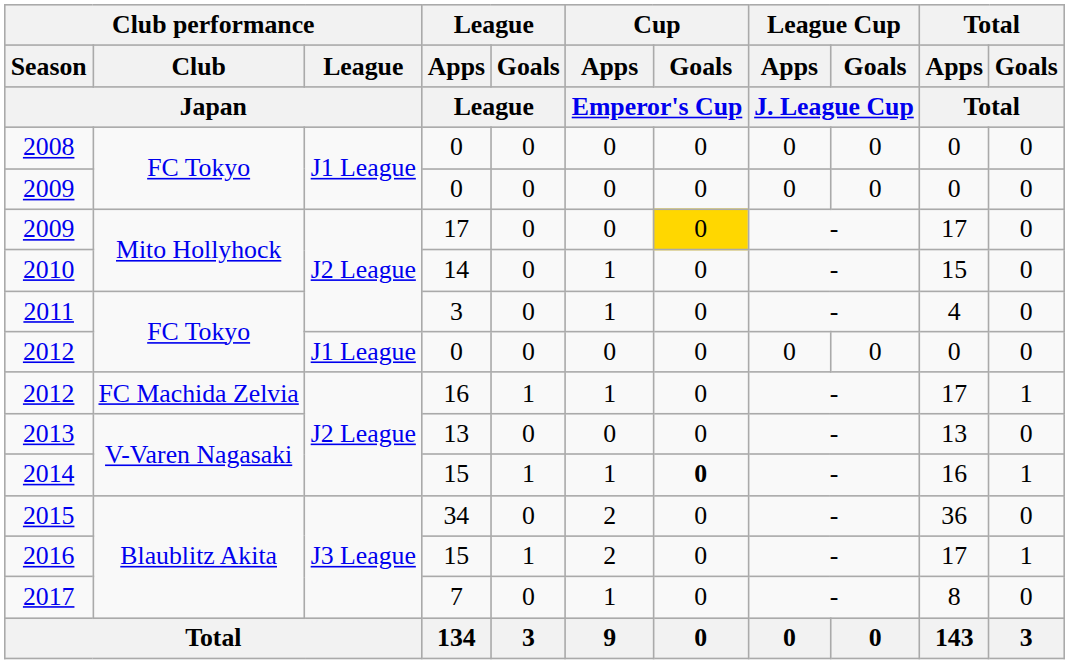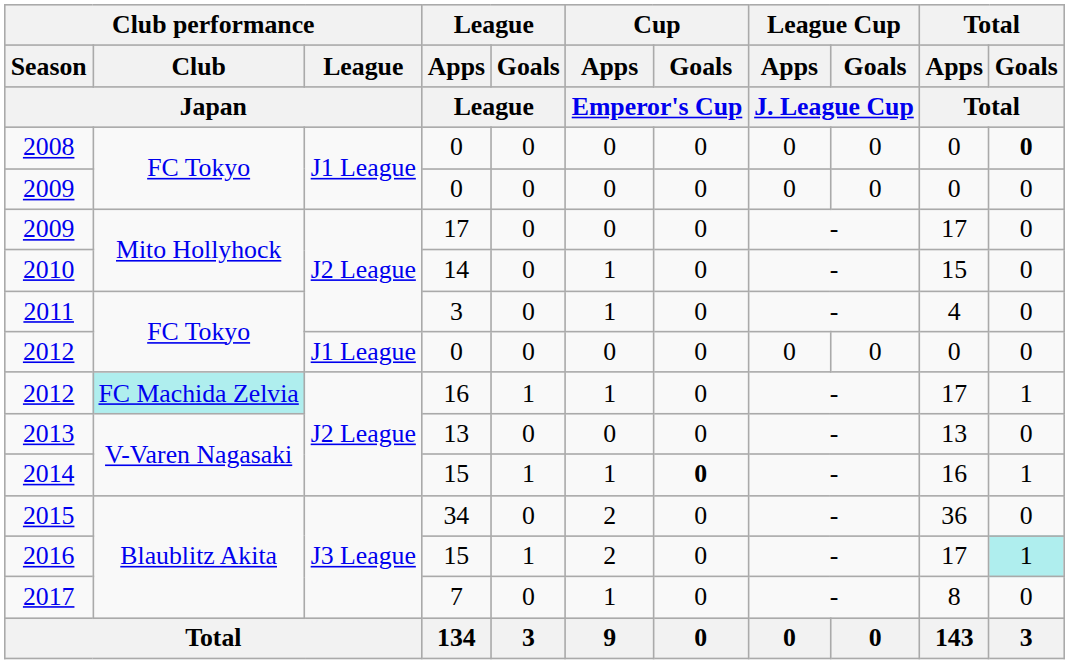 <table class="wikitable" style="text-align:center;">
 <tr>
 <th colspan=3>Club performance</th>
 <th colspan=2>League</th>
 <th colspan=2>Cup</th>
 <th colspan=2>League Cup</th>
 <th colspan=2>Total</th>
 </tr>
 <tr>
 <th>Season</th>
 <th>Club</th>
 <th>League</th>
 <th>Apps</th>
 <th>Goals</th>
 <th>Apps</th>
 <th>Goals</th>
 <th>Apps</th>
 <th>Goals</th>
 <th>Apps</th>
 <th>Goals</th>
 </tr>
 <tr>
 <th colspan=3>Japan</th>
 <th colspan=2>League</th>
 <th colspan=2><a href='#'>Emperor's Cup</a></th>
 <th colspan=2><a href='#'>J. League Cup</a></th>
 <th colspan=2>Total</th>
 </tr>
 <tr>
 <td><a href='#'>2008</a></td>
 <td rowspan="2"><a href='#'>FC Tokyo</a></td>
 <td rowspan="2"><a href='#'>J1 League</a></td>
 <td>0</td>
 <td>0</td>
 <td>0</td>
 <td>0</td>
 <td>0</td>
 <td>0</td>
 <td>0</td>
-<td>0</td>
+<td><strong>0</strong></td>
 </tr>
 <tr>
 <td><a href='#'>2009</a></td>
 <td>0</td>
 <td>0</td>
 <td>0</td>
 <td>0</td>
 <td>0</td>
 <td>0</td>
 <td>0</td>
 <td>0</td>
 </tr>
 <tr>
 <td><a href='#'>2009</a></td>
 <td rowspan="2"><a href='#'>Mito Hollyhock</a></td>
 <td rowspan="3"><a href='#'>J2 League</a></td>
 <td>17</td>
 <td>0</td>
 <td>0</td>
-<td style="background: gold;">0</td>
+<td>0</td>
 <td colspan="2">-</td>
 <td>17</td>
 <td>0</td>
 </tr>
 <tr>
 <td><a href='#'>2010</a></td>
 <td>14</td>
 <td>0</td>
 <td>1</td>
 <td>0</td>
 <td colspan="2">-</td>
 <td>15</td>
 <td>0</td>
 </tr>
 <tr>
 <td><a href='#'>2011</a></td>
 <td rowspan="2"><a href='#'>FC Tokyo</a></td>
 <td>3</td>
 <td>0</td>
 <td>1</td>
 <td>0</td>
 <td colspan="2">-</td>
 <td>4</td>
 <td>0</td>
 </tr>
 <tr>
 <td><a href='#'>2012</a></td>
 <td><a href='#'>J1 League</a></td>
 <td>0</td>
 <td>0</td>
 <td>0</td>
 <td>0</td>
 <td>0</td>
 <td>0</td>
 <td>0</td>
 <td>0</td>
 </tr>
 <tr>
 <td><a href='#'>2012</a></td>
-<td><a href='#'>FC Machida Zelvia</a></td>
+<td style="background: paleturquoise;"><a href='#'>FC Machida Zelvia</a></td>
 <td rowspan="3"><a href='#'>J2 League</a></td>
 <td>16</td>
 <td>1</td>
 <td>1</td>
 <td>0</td>
 <td colspan="2">-</td>
 <td>17</td>
 <td>1</td>
 </tr>
 <tr>
 <td><a href='#'>2013</a></td>
 <td rowspan="2"><a href='#'>V-Varen Nagasaki</a></td>
 <td>13</td>
 <td>0</td>
 <td>0</td>
 <td>0</td>
 <td colspan="2">-</td>
 <td>13</td>
 <td>0</td>
 </tr>
 <tr>
 <td><a href='#'>2014</a></td>
 <td>15</td>
 <td>1</td>
 <td>1</td>
 <td><strong>0</strong></td>
 <td colspan="2">-</td>
 <td>16</td>
 <td>1</td>
 </tr>
 <tr>
 <td><a href='#'>2015</a></td>
 <td rowspan="3"><a href='#'>Blaublitz Akita</a></td>
 <td rowspan="3"><a href='#'>J3 League</a></td>
 <td>34</td>
 <td>0</td>
 <td>2</td>
 <td>0</td>
 <td colspan="2">-</td>
 <td>36</td>
 <td>0</td>
 </tr>
 <tr>
 <td><a href='#'>2016</a></td>
 <td>15</td>
 <td>1</td>
 <td>2</td>
 <td>0</td>
 <td colspan="2">-</td>
 <td>17</td>
-<td>1</td>
+<td style="background: paleturquoise;">1</td>
 </tr>
 <tr>
 <td><a href='#'>2017</a></td>
 <td>7</td>
 <td>0</td>
 <td>1</td>
 <td>0</td>
 <td colspan="2">-</td>
 <td>8</td>
 <td>0</td>
 </tr>
 <tr>
 <th colspan=3>Total</th>
 <th>134</th>
 <th>3</th>
 <th>9</th>
 <th>0</th>
 <th>0</th>
 <th>0</th>
 <th>143</th>
 <th>3</th>
 </tr>
 </table>
